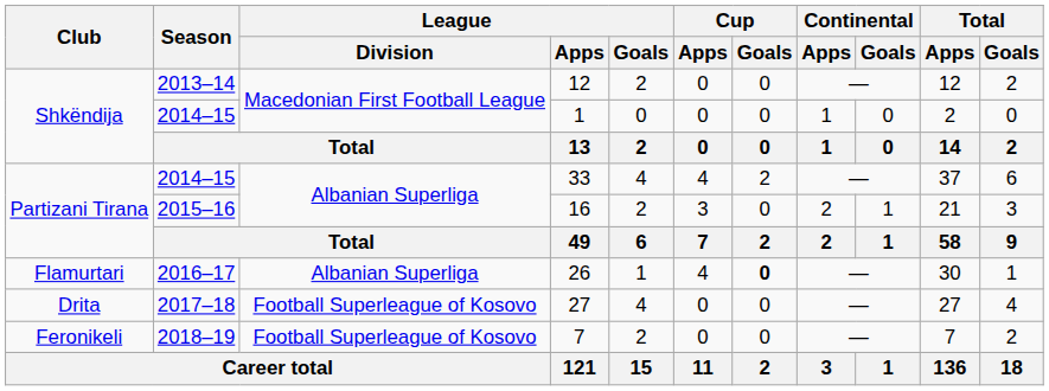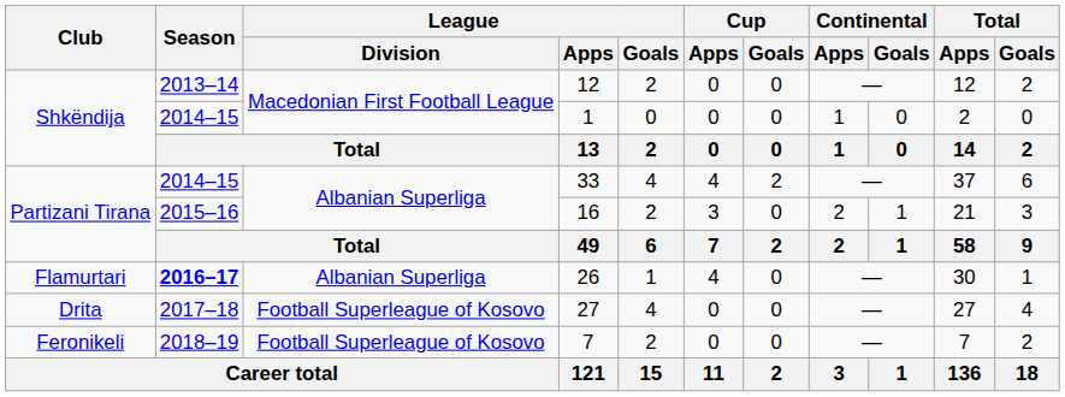 <table class="wikitable" style="text-align:center">
 <tr>
 <th rowspan="2">Club</th>
 <th rowspan="2">Season</th>
 <th colspan="3">League</th>
 <th colspan="2">Cup</th>
 <th colspan="2">Continental</th>
 <th colspan="2">Total</th>
 </tr>
 <tr>
 <th>Division</th>
 <th>Apps</th>
 <th>Goals</th>
 <th>Apps</th>
 <th>Goals</th>
 <th>Apps</th>
 <th>Goals</th>
 <th>Apps</th>
 <th>Goals</th>
 </tr>
 <tr>
 <td rowspan="3"><a href='#'>Shkëndija</a></td>
 <td><a href='#'>2013–14</a></td>
 <td rowspan="2"><a href='#'>Macedonian First Football League</a></td>
 <td>12</td>
 <td>2</td>
 <td>0</td>
 <td>0</td>
 <td colspan="2">—</td>
 <td>12</td>
 <td>2</td>
 </tr>
 <tr>
 <td><a href='#'>2014–15</a></td>
 <td>1</td>
 <td>0</td>
 <td>0</td>
 <td>0</td>
 <td>1</td>
 <td>0</td>
 <td>2</td>
 <td>0</td>
 </tr>
 <tr>
 <th colspan="2">Total</th>
 <th>13</th>
 <th>2</th>
 <th>0</th>
 <th>0</th>
 <th>1</th>
 <th>0</th>
 <th>14</th>
 <th>2</th>
 </tr>
 <tr>
 <td rowspan="3"><a href='#'>Partizani Tirana</a></td>
 <td><a href='#'>2014–15</a></td>
 <td rowspan="2"><a href='#'>Albanian Superliga</a></td>
 <td>33</td>
 <td>4</td>
 <td>4</td>
 <td>2</td>
 <td colspan="2">—</td>
 <td>37</td>
 <td>6</td>
 </tr>
 <tr>
 <td><a href='#'>2015–16</a></td>
 <td>16</td>
 <td>2</td>
 <td>3</td>
 <td>0</td>
 <td>2</td>
 <td>1</td>
 <td>21</td>
 <td>3</td>
 </tr>
 <tr>
 <th colspan="2">Total</th>
 <th>49</th>
 <th>6</th>
 <th>7</th>
 <th>2</th>
 <th>2</th>
 <th>1</th>
 <th>58</th>
 <th>9</th>
 </tr>
 <tr>
 <td rowspan="1"><a href='#'>Flamurtari</a></td>
-<td><a href='#'>2016–17</a></td>
+<td><strong><a href='#'>2016–17</a></strong></td>
 <td rowspan="1"><a href='#'>Albanian Superliga</a></td>
 <td>26</td>
 <td>1</td>
 <td>4</td>
-<td><strong>0</strong></td>
+<td>0</td>
 <td colspan="2">—</td>
 <td>30</td>
 <td>1</td>
 </tr>
 <tr>
 <td rowspan="1"><a href='#'>Drita</a></td>
 <td><a href='#'>2017–18</a></td>
 <td rowspan="1"><a href='#'>Football Superleague of Kosovo</a></td>
 <td>27</td>
 <td>4</td>
 <td>0</td>
 <td>0</td>
 <td colspan="2">—</td>
 <td>27</td>
 <td>4</td>
 </tr>
 <tr>
 <td rowspan="1"><a href='#'>Feronikeli</a></td>
 <td><a href='#'>2018–19</a></td>
 <td rowspan="1"><a href='#'>Football Superleague of Kosovo</a></td>
 <td>7</td>
 <td>2</td>
 <td>0</td>
 <td>0</td>
 <td colspan="2">—</td>
 <td>7</td>
 <td>2</td>
 </tr>
 <tr>
 <th colspan="3">Career total</th>
 <th>121</th>
 <th>15</th>
 <th>11</th>
 <th>2</th>
 <th>3</th>
 <th>1</th>
 <th>136</th>
 <th>18</th>
 </tr>
 </table>
